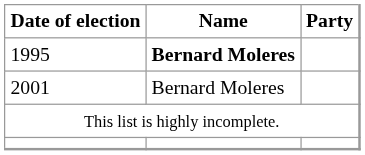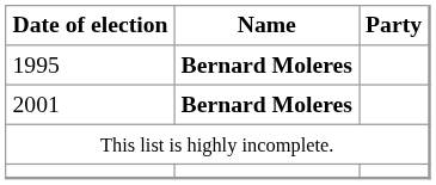 <table align="center" rules="all" cellspacing="0" cellpadding="4" style="border: 1px solid #999; border-right: 2px solid #999; border-bottom: 2px solid #999">
 <tr>
 <th>Date of election</th>
 <th>Name</th>
 <th>Party</th>
 </tr>
 <tr>
 <td>1995</td>
 <td><strong>Bernard Moleres</strong></td>
 <td></td>
 </tr>
 <tr>
 <td>2001</td>
-<td>Bernard Moleres</td>
+<td><strong>Bernard Moleres</strong></td>
 <td></td>
 </tr>
 <tr>
 <td colspan="4" align="center"><small>This list is highly incomplete.</small></td>
 </tr>
 <tr>
 <td align=right></td>
 <td></td>
 <td></td>
 </tr>
 </table>
